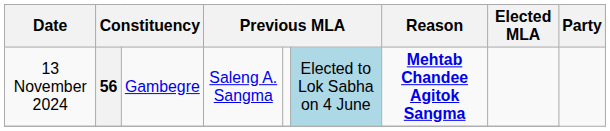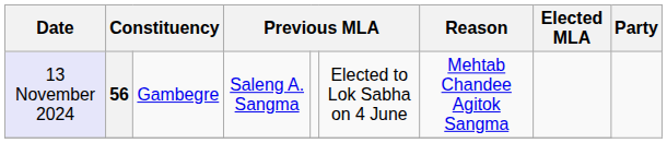 <table class="wikitable sortable" style="text-align:center;">
 <tr>
 <th>Date</th>
 <th colspan="2">Constituency</th>
 <th colspan="3">Previous MLA</th>
 <th>Reason</th>
 <th>Elected MLA</th>
 <th colspan="2">Party</th>
 </tr>
 <tr>
-<td>13 November 2024</td>
+<td style="background: lavender;">13 November 2024</td>
 <th>56</th>
 <td><a href='#'>Gambegre</a></td>
 <td><a href='#'>Saleng A. Sangma</a></td>
 <td></td>
-<td style="background: lightblue;">Elected to Lok Sabha on 4 June</td>
-<td><strong><a href='#'>Mehtab Chandee Agitok Sangma</a></strong></td>
+<td>Elected to Lok Sabha on 4 June</td>
+<td><a href='#'>Mehtab Chandee Agitok Sangma</a></td>
 <td></td>
 </tr>
 <tr>
 </tr>
 </table>
